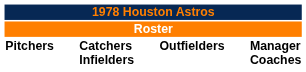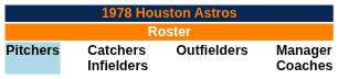 <table class="toccolours" style="text-align: left;">
 <tr>
 <th colspan="10" style="background-color: #072854; color: #FF7F00; text-align: center;">1978 Houston Astros</th>
 </tr>
 <tr>
 <td colspan="10" style="background-color: #FF7F00; color: white; text-align: center;"><strong>Roster</strong></td>
 </tr>
 <tr>
-<td valign="top"><strong>Pitchers</strong><br>              </td>
+<td valign="top" style="background: lightblue;"><strong>Pitchers</strong><br>              </td>
 <td width="25px"></td>
 <td valign="top"><strong>Catchers</strong><br>     <strong>Infielders</strong>           </td>
 <td width="25px"></td>
 <td valign="top"><strong>Outfielders</strong><br>       </td>
 <td width="25px"></td>
 <td valign="top"><strong>Manager</strong><br> <strong>Coaches</strong>    </td>
 </tr>
 </table>
